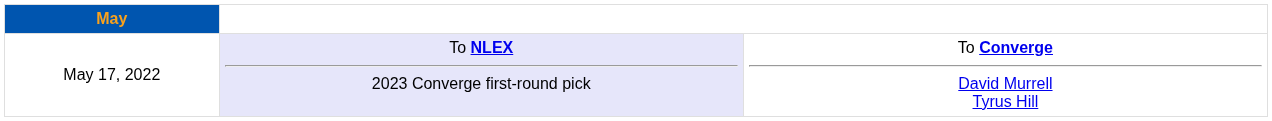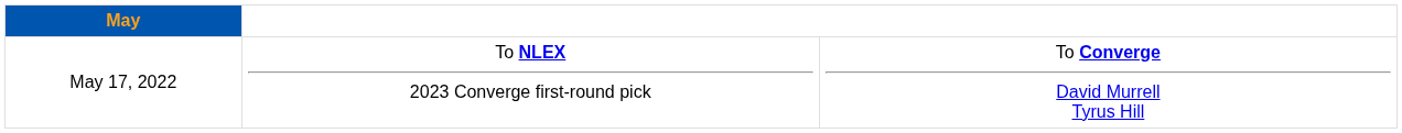 <table border=1 style="border-collapse:collapse; text-align: center; width: 100%" bordercolor="#DFDFDF"  cellpadding="5">
 <tr bgcolor="eeeeee">
 <th style="background:#0055AF; color:#F9A21D; ">May</th>
 </tr>
 <tr>
 <td style="width:12%">May 17, 2022</td>
-<td style="background: lavender; width:29.3%" valign="top">To <strong><a href='#'>NLEX</a></strong><hr>2023 Converge first-round pick</td>
+<td style="width:29.3%" valign="top">To <strong><a href='#'>NLEX</a></strong><hr>2023 Converge first-round pick</td>
 <td style="width:29.3%" valign="top">To <strong><a href='#'>Converge</a></strong><hr><a href='#'>David Murrell</a><br><a href='#'>Tyrus Hill</a></td>
 </tr>
 </table>
